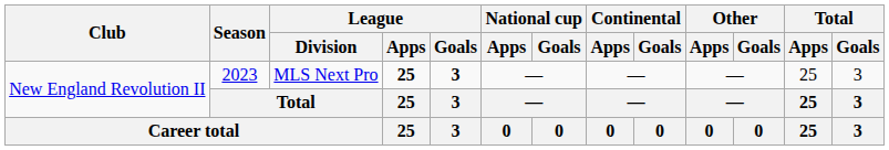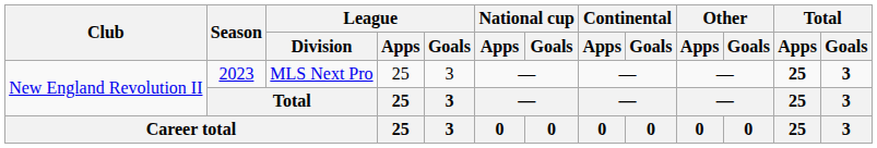 <table class=wikitable style=text-align:center>
 <tr>
 <th rowspan=2>Club</th>
 <th rowspan=2>Season</th>
 <th colspan=3>League</th>
 <th colspan=2>National cup</th>
 <th colspan=2>Continental</th>
 <th colspan=2>Other</th>
 <th colspan=2>Total</th>
 </tr>
 <tr>
 <th>Division</th>
 <th>Apps</th>
 <th>Goals</th>
 <th>Apps</th>
 <th>Goals</th>
 <th>Apps</th>
 <th>Goals</th>
 <th>Apps</th>
 <th>Goals</th>
 <th>Apps</th>
 <th>Goals</th>
 </tr>
 <tr>
 <td rowspan=3><a href='#'>New England Revolution II</a></td>
 </tr>
 <tr>
 <td><a href='#'>2023</a></td>
 <td><a href='#'>MLS Next Pro</a></td>
-<td><strong>25</strong></td>
-<td><strong>3</strong></td>
+<td>25</td>
+<td>3</td>
 <td colspan=2>—</td>
 <td colspan=2>—</td>
 <td colspan=2>—</td>
-<td>25</td>
-<td>3</td>
+<td><strong>25</strong></td>
+<td><strong>3</strong></td>
 </tr>
 <tr>
 <th colspan=2>Total</th>
 <th>25</th>
 <th>3</th>
 <th colspan=2>—</th>
 <th colspan=2>—</th>
 <th colspan=2>—</th>
 <th>25</th>
 <th>3</th>
 </tr>
 <tr>
 <th colspan=3>Career total</th>
 <th>25</th>
 <th>3</th>
 <th>0</th>
 <th>0</th>
 <th>0</th>
 <th>0</th>
 <th>0</th>
 <th>0</th>
 <th>25</th>
 <th>3</th>
 </tr>
 </table>
